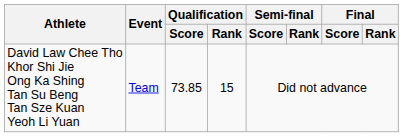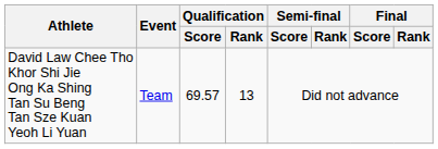 <table class="wikitable" style="font-size:90%;text-align:center">
 <tr>
 <th rowspan="2">Athlete</th>
 <th rowspan="2">Event</th>
 <th colspan="2">Qualification</th>
 <th colspan="2">Semi-final</th>
 <th colspan="2">Final</th>
 </tr>
 <tr>
 <th>Score</th>
 <th>Rank</th>
 <th>Score</th>
 <th>Rank</th>
 <th>Score</th>
 <th>Rank</th>
 </tr>
 <tr>
 <td align="left">David Law Chee Tho<br>Khor Shi Jie<br>Ong Ka Shing<br>Tan Su Beng<br>Tan Sze Kuan<br>Yeoh Li Yuan</td>
 <td align="left"><a href='#'>Team</a></td>
-<td>73.85</td>
-<td>15</td>
+<td>69.57</td>
+<td>13</td>
 <td colspan="4">Did not advance</td>
 </tr>
 </table>
